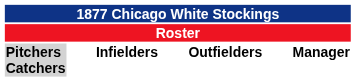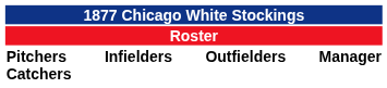 <table class="toccolours" style="font-size: 95%;">
 <tr>
 <th colspan="10" style="background-color: #0e3386; color: #FFFFFF; text-align: center;">1877 Chicago White Stockings</th>
 </tr>
 <tr>
 <td colspan="10" style="background-color: #EE1422; color: #FFFFFF; text-align: center;"><strong>Roster</strong></td>
 </tr>
 <tr>
-<td valign="top" style="background: lightgrey;"><strong>Pitchers</strong><br>  <strong>Catchers</strong> </td>
+<td valign="top"><strong>Pitchers</strong><br>  <strong>Catchers</strong> </td>
 <td width="25px"></td>
 <td valign="top"><strong>Infielders</strong><br>     </td>
 <td width="25px"></td>
 <td valign="top"><strong>Outfielders</strong><br>        </td>
 <td width="25px"></td>
 <td valign="top"><strong>Manager</strong><br></td>
 </tr>
 <tr>
 </tr>
 </table>
